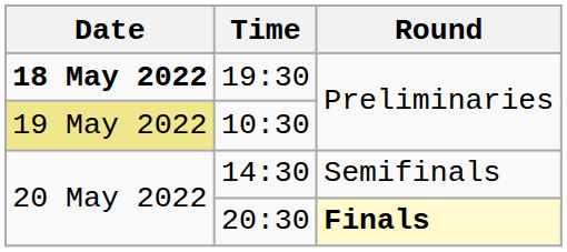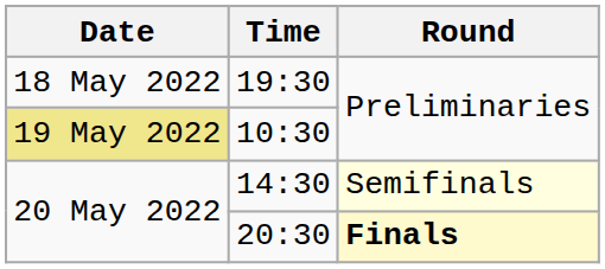 <table class="wikitable">
 <tr>
 <th>Date</th>
 <th>Time</th>
 <th>Round</th>
 </tr>
 <tr>
-<td><strong>18 May 2022</strong></td>
+<td>18 May 2022</td>
 <td>19:30</td>
 <td rowspan="2">Preliminaries</td>
 </tr>
 <tr>
 <td style="background: khaki;">19 May 2022</td>
 <td>10:30</td>
 </tr>
 <tr>
 <td rowspan="2">20 May 2022</td>
 <td>14:30</td>
-<td>Semifinals</td>
+<td style="background: lightyellow;">Semifinals</td>
 </tr>
 <tr>
 <td>20:30</td>
 <td style="background:lemonchiffon;"><strong>Finals</strong></td>
 </tr>
 </table>
